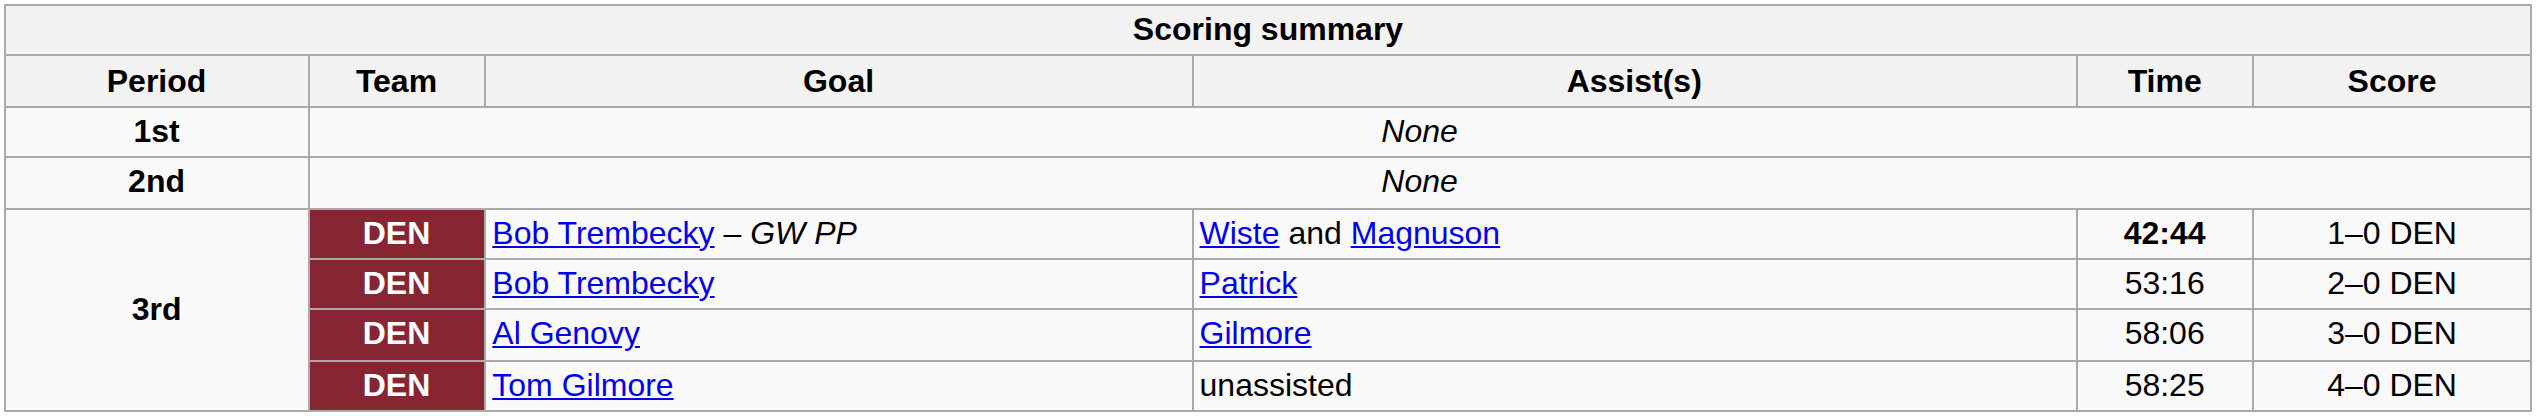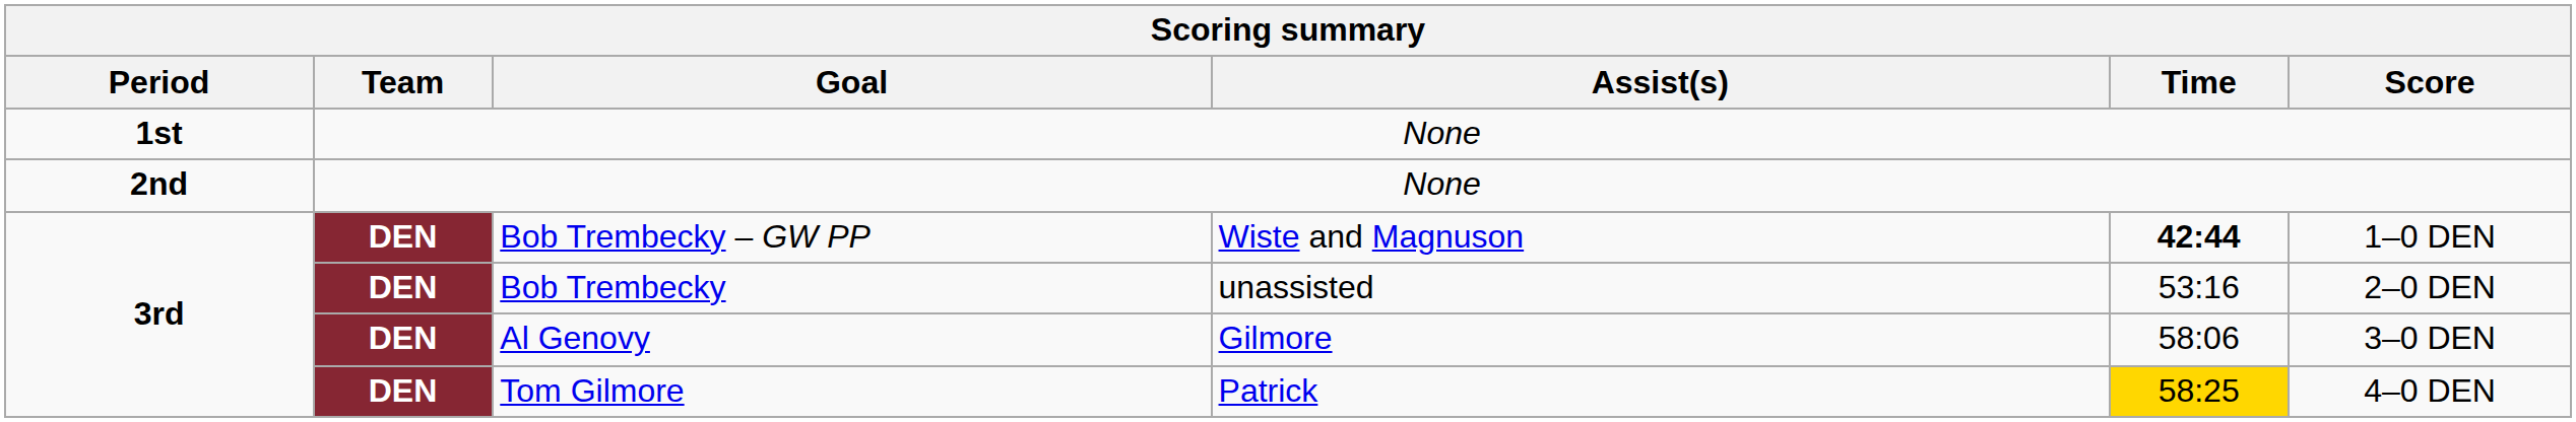 <table style="width:100%;" class="wikitable">
 <tr>
 <th colspan=6>Scoring summary</th>
 </tr>
 <tr>
 <th style="width:12%;">Period</th>
 <th style="width:7%;">Team</th>
 <th style="width:28%;">Goal</th>
 <th style="width:35%;">Assist(s)</th>
 <th style="width:7%;">Time</th>
 <th style="width:11%;">Score</th>
 </tr>
 <tr>
 <td style="text-align:center;" rowspan="1"><strong>1st</strong></td>
 <td style="text-align:center;" colspan="5"><em>None</em></td>
 </tr>
 <tr>
 <td style="text-align:center;" rowspan="1"><strong>2nd</strong></td>
 <td style="text-align:center;" colspan="5"><em>None</em></td>
 </tr>
 <tr>
 <td style="text-align:center;" rowspan="4"><strong>3rd</strong></td>
 <td align=center style="color:white; background:#862633; "><strong>DEN</strong></td>
 <td><a href='#'>Bob Trembecky</a> – <em>GW PP</em></td>
 <td><a href='#'>Wiste</a> and <a href='#'>Magnuson</a></td>
 <td align=center><strong>42:44</strong></td>
 <td align=center>1–0 DEN</td>
 </tr>
 <tr>
 <td align=center style="color:white; background:#862633; "><strong>DEN</strong></td>
 <td><a href='#'>Bob Trembecky</a></td>
-<td><a href='#'>Patrick</a></td>
+<td>unassisted</td>
 <td align=center>53:16</td>
 <td align=center>2–0 DEN</td>
 </tr>
 <tr>
 <td align=center style="color:white; background:#862633; "><strong>DEN</strong></td>
 <td><a href='#'>Al Genovy</a></td>
 <td><a href='#'>Gilmore</a></td>
 <td align=center>58:06</td>
 <td align=center>3–0 DEN</td>
 </tr>
 <tr>
 <td align=center style="color:white; background:#862633; "><strong>DEN</strong></td>
 <td><a href='#'>Tom Gilmore</a></td>
-<td>unassisted</td>
-<td align=center>58:25</td>
+<td><a href='#'>Patrick</a></td>
+<td align=center style="background: gold;">58:25</td>
 <td align=center>4–0 DEN</td>
 </tr>
 <tr>
 </tr>
 </table>
